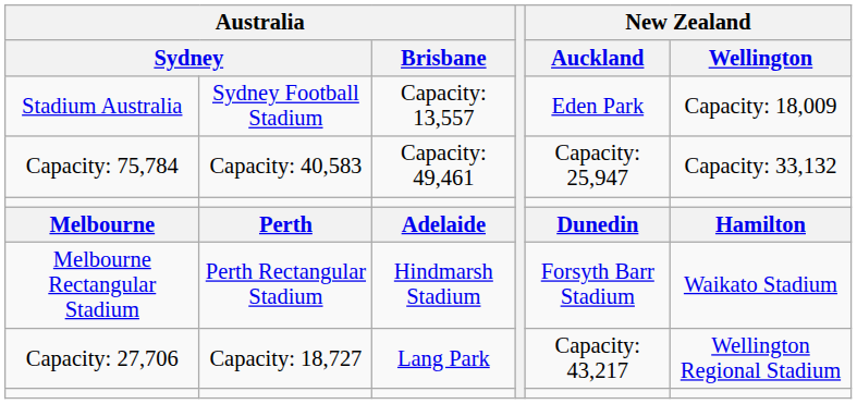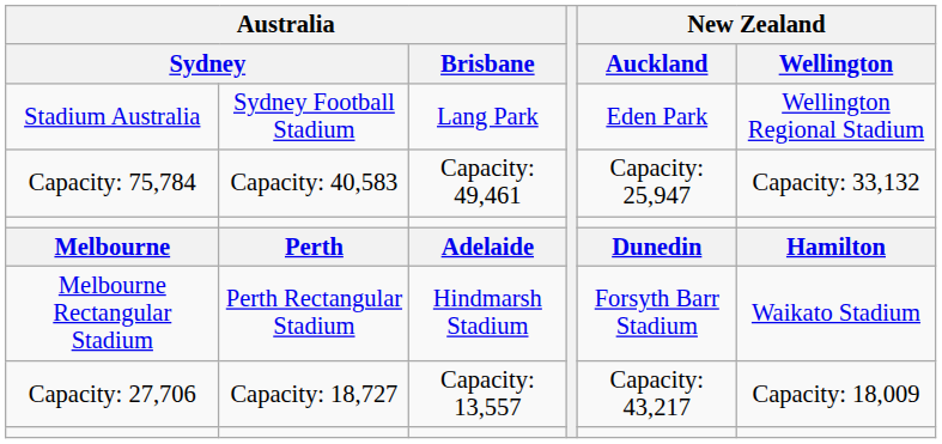 <table class="wikitable" style="text-align:center">
 <tr>
 <th colspan=3> Australia</th>
 <th rowspan="9"></th>
 <th colspan="2"> New Zealand</th>
 </tr>
 <tr>
 <th colspan="2"><a href='#'>Sydney</a></th>
 <th><a href='#'>Brisbane</a></th>
 <th><a href='#'>Auckland</a></th>
 <th><a href='#'>Wellington</a></th>
 </tr>
 <tr>
 <td><a href='#'>Stadium Australia</a></td>
 <td><a href='#'>Sydney Football Stadium</a></td>
-<td>Capacity: 13,557</td>
+<td><a href='#'>Lang Park</a><br> </td>
 <td><a href='#'>Eden Park</a></td>
-<td>Capacity: 18,009</td>
+<td><a href='#'>Wellington Regional Stadium</a></td>
 </tr>
 <tr>
 <td>Capacity: 75,784</td>
 <td>Capacity: 40,583</td>
 <td>Capacity: 49,461</td>
 <td>Capacity: 25,947</td>
 <td>Capacity: 33,132</td>
 </tr>
 <tr>
 <td></td>
 <td></td>
 <td></td>
 <td></td>
 <td></td>
 </tr>
 <tr>
 <th><a href='#'>Melbourne</a></th>
 <th><a href='#'>Perth</a></th>
 <th><a href='#'>Adelaide</a></th>
 <th><a href='#'>Dunedin</a></th>
 <th><a href='#'>Hamilton</a></th>
 </tr>
 <tr>
 <td><a href='#'>Melbourne Rectangular Stadium</a></td>
 <td><a href='#'>Perth Rectangular Stadium</a></td>
 <td><a href='#'>Hindmarsh Stadium</a></td>
 <td><a href='#'>Forsyth Barr Stadium</a> </td>
 <td><a href='#'>Waikato Stadium</a></td>
 </tr>
 <tr>
 <td>Capacity: 27,706</td>
 <td>Capacity: 18,727</td>
-<td><a href='#'>Lang Park</a><br> </td>
+<td>Capacity: 13,557</td>
 <td>Capacity: 43,217</td>
-<td><a href='#'>Wellington Regional Stadium</a></td>
+<td>Capacity: 18,009</td>
 </tr>
 <tr>
 <td></td>
 <td></td>
 <td></td>
 <td></td>
 <td></td>
 </tr>
 </table>
